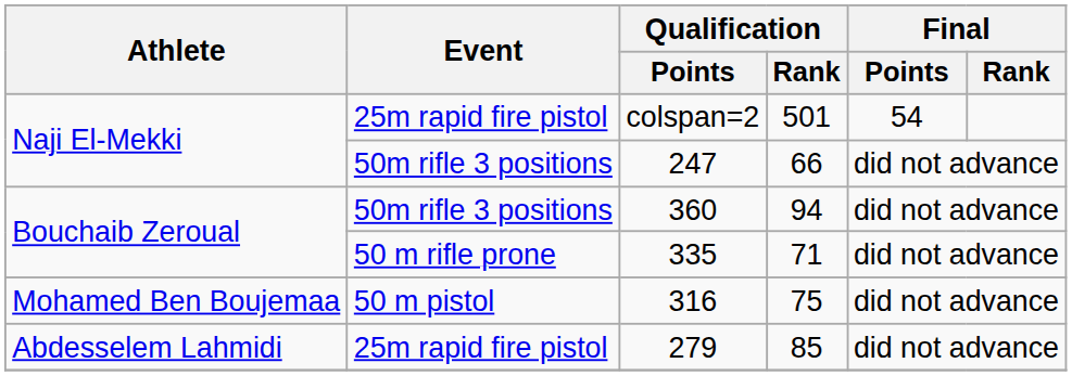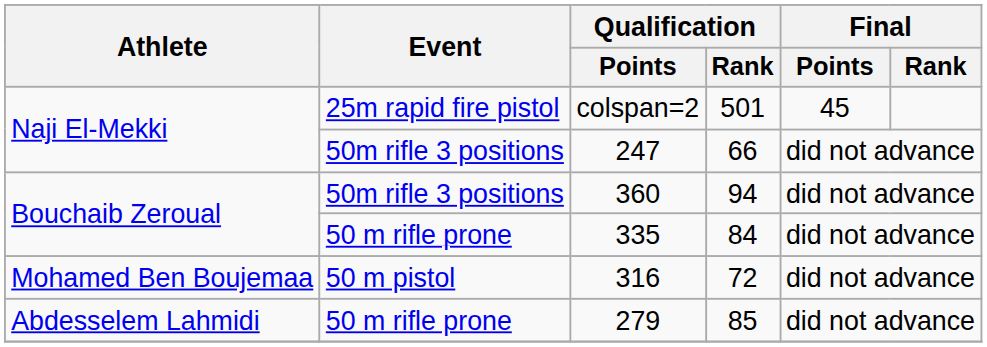 <table class="wikitable" style="font-size:90%">
 <tr>
 <th rowspan="2">Athlete</th>
 <th rowspan="2">Event</th>
 <th colspan=2>Qualification</th>
 <th colspan=2>Final</th>
 </tr>
 <tr style="font-size:95%">
 <th>Points</th>
 <th>Rank</th>
 <th>Points</th>
 <th>Rank</th>
 </tr>
 <tr align=center>
 <td align=left rowspan=2><a href='#'>Naji El-Mekki</a></td>
 <td align=left><a href='#'>25m rapid fire pistol</a></td>
 <td>colspan=2 </td>
 <td>501</td>
-<td>54</td>
+<td>45</td>
 </tr>
 <tr align=center>
 <td align=left><a href='#'>50m rifle 3 positions</a></td>
 <td>247</td>
 <td>66</td>
 <td colspan=2>did not advance</td>
 </tr>
 <tr align=center>
 <td align=left rowspan=2><a href='#'>Bouchaib Zeroual</a></td>
 <td align=left><a href='#'>50m rifle 3 positions</a></td>
 <td>360</td>
 <td>94</td>
 <td colspan=2>did not advance</td>
 </tr>
 <tr align=center>
 <td align=left><a href='#'>50 m rifle prone</a></td>
 <td>335</td>
-<td>71</td>
+<td>84</td>
 <td colspan=2>did not advance</td>
 </tr>
 <tr align=center>
 <td align=left><a href='#'>Mohamed Ben Boujemaa</a></td>
 <td align=left><a href='#'>50 m pistol</a></td>
 <td>316</td>
-<td>75</td>
+<td>72</td>
 <td colspan=2>did not advance</td>
 </tr>
 <tr align=center>
 <td align=left><a href='#'>Abdesselem Lahmidi</a></td>
-<td align=left><a href='#'>25m rapid fire pistol</a></td>
+<td align=left><a href='#'>50 m rifle prone</a></td>
 <td>279</td>
 <td>85</td>
 <td colspan=2>did not advance</td>
 </tr>
 <tr align=center>
 </tr>
 </table>
